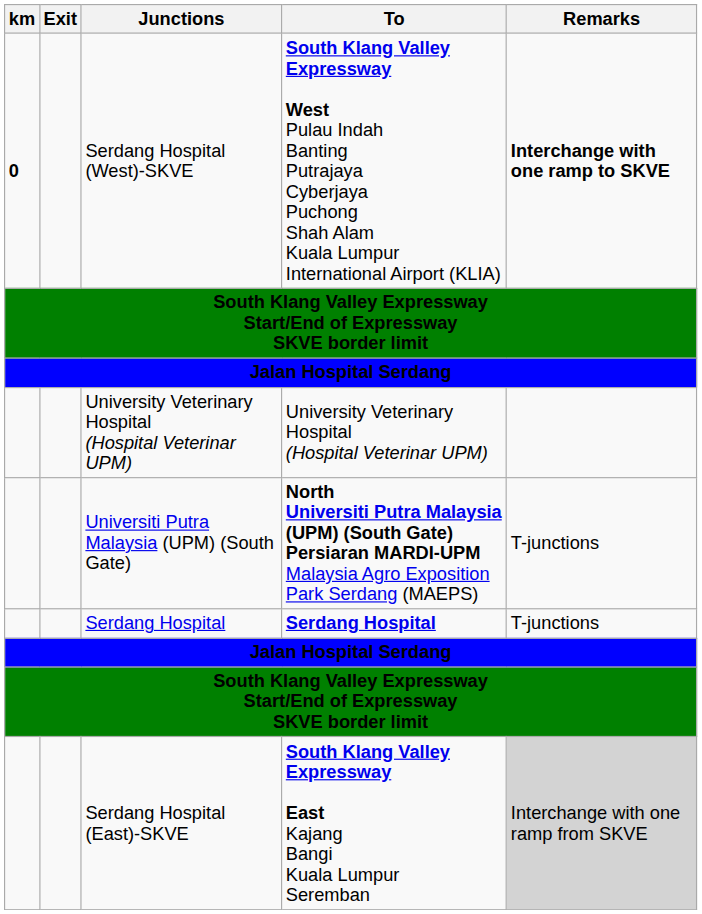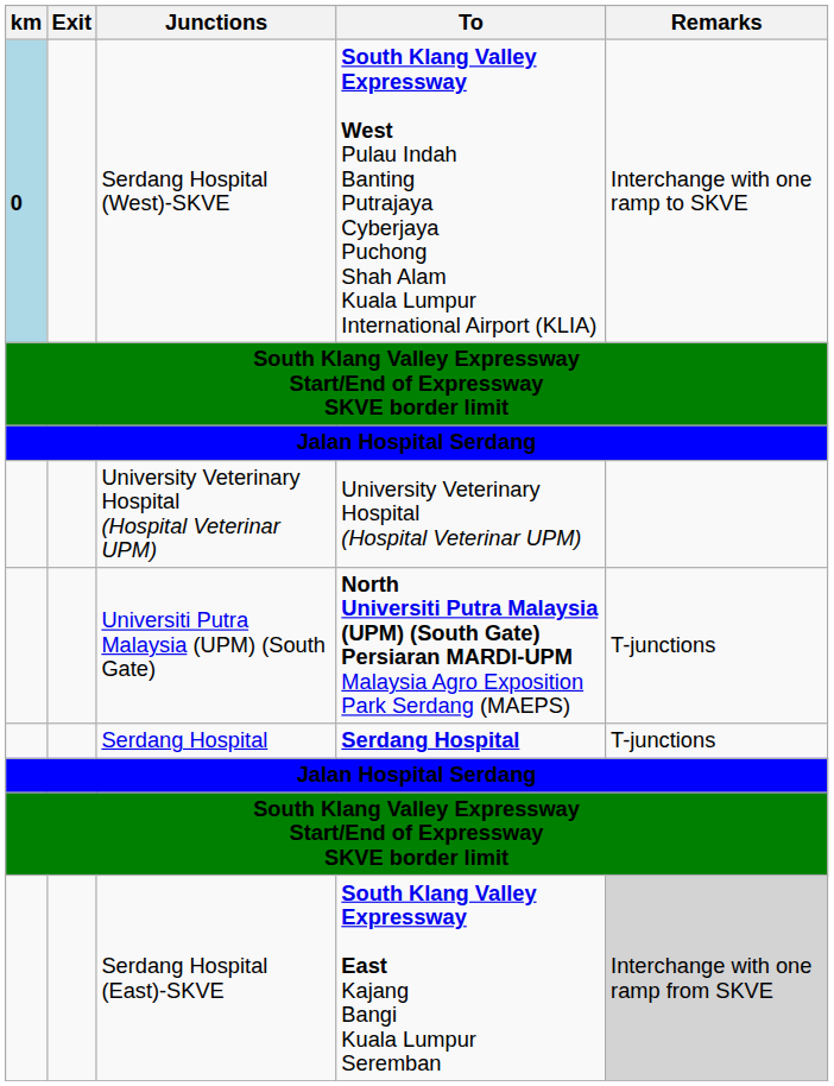 <table class="wikitable">
 <tr>
 <th>km</th>
 <th>Exit</th>
 <th>Junctions</th>
 <th>To</th>
 <th>Remarks</th>
 </tr>
 <tr>
-<td><br><strong>0</strong></td>
+<td style="background: lightblue;"><br><strong>0</strong></td>
 <td></td>
 <td>Serdang Hospital (West)-SKVE</td>
 <td> <strong><a href='#'>South Klang Valley Expressway</a></strong><br><br><strong>West</strong><br> Pulau Indah <br> Banting<br> Putrajaya<br> Cyberjaya<br> Puchong<br> Shah Alam<br> Kuala Lumpur International Airport (KLIA) </td>
-<td><strong>Interchange with one ramp to SKVE</strong></td>
+<td>Interchange with one ramp to SKVE</td>
 </tr>
 <tr>
 <td colspan="6" style="width:600px; text-align:center; background:green;"><strong><span> South Klang Valley Expressway<br>Start/End of Expressway<br>SKVE border limit</span></strong></td>
 </tr>
 <tr>
 <td colspan="6" style="width:600px; text-align:center; background:blue;"><strong><span> Jalan Hospital Serdang </span></strong></td>
 </tr>
 <tr>
 <td></td>
 <td></td>
 <td>University Veterinary Hospital<br><em>(Hospital Veterinar UPM)</em></td>
 <td>University Veterinary Hospital<br><em>(Hospital Veterinar UPM)</em></td>
 <td></td>
 </tr>
 <tr>
 <td></td>
 <td></td>
 <td><a href='#'>Universiti Putra Malaysia</a> (UPM) (South Gate) </td>
 <td><strong>North</strong><br><strong><a href='#'>Universiti Putra Malaysia</a> (UPM) (South Gate)</strong> <br><strong>Persiaran MARDI-UPM</strong><br><a href='#'>Malaysia Agro Exposition Park Serdang</a> (MAEPS)</td>
 <td>T-junctions</td>
 </tr>
 <tr>
 <td></td>
 <td></td>
 <td><a href='#'>Serdang Hospital</a></td>
 <td><strong><a href='#'>Serdang Hospital</a></strong> <br></td>
 <td>T-junctions</td>
 </tr>
 <tr>
 <td colspan="6" style="width:600px; text-align:center; background:blue;"><strong><span> Jalan Hospital Serdang</span></strong></td>
 </tr>
 <tr>
 <td colspan="6" style="width:600px; text-align:center; background:green;"><strong><span> South Klang Valley Expressway<br>Start/End of Expressway<br>SKVE border limit</span></strong></td>
 </tr>
 <tr>
 <td></td>
 <td></td>
 <td>Serdang Hospital (East)-SKVE</td>
 <td> <strong><a href='#'>South Klang Valley Expressway</a></strong><br><br><strong>East</strong><br> Kajang<br> Bangi<br> Kuala Lumpur<br>  Seremban</td>
 <td style="background: lightgrey;">Interchange with one ramp from SKVE</td>
 </tr>
 </table>
